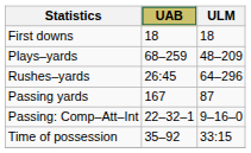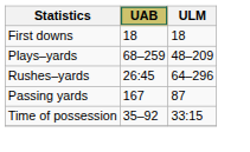 <table class="wikitable" style="float: left;">
 <tr>
 <th>Statistics</th>
 <th style="background-color:#CDC26C;color:#000000;box-shadow: inset 2px 2px 0 #1E6B52, inset -2px -2px 0 #1E6B52">UAB</th>
 <th>ULM</th>
 </tr>
 <tr>
 <td>First downs</td>
 <td>18</td>
 <td>18</td>
 </tr>
 <tr>
 <td>Plays–yards</td>
 <td>68–259</td>
 <td>48–209</td>
 </tr>
 <tr>
 <td>Rushes–yards</td>
 <td>26:45</td>
 <td>64–296</td>
 </tr>
 <tr>
 <td>Passing yards</td>
 <td>167</td>
 <td>87</td>
 </tr>
 <tr>
-<td>Passing: Comp–Att–Int</td>
-<td>22–32–1</td>
-<td>9–16–0</td>
-</tr>
-<tr>
 <td>Time of possession</td>
 <td>35–92</td>
 <td>33:15</td>
 </tr>
 <tr>
 </tr>
 </table>
